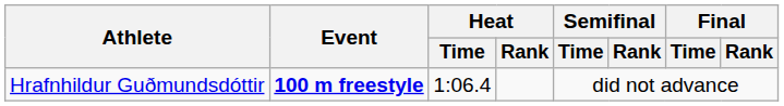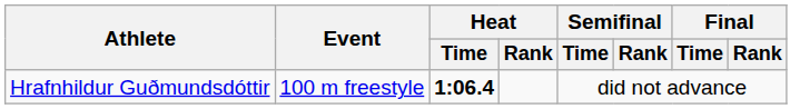 <table class=wikitable style="font-size:90%">
 <tr>
 <th rowspan=2>Athlete</th>
 <th rowspan=2>Event</th>
 <th colspan="2">Heat</th>
 <th colspan="2">Semifinal</th>
 <th colspan="2">Final</th>
 </tr>
 <tr style="font-size:95%">
 <th>Time</th>
 <th>Rank</th>
 <th>Time</th>
 <th>Rank</th>
 <th>Time</th>
 <th>Rank</th>
 </tr>
 <tr align=center>
 <td align=left><a href='#'>Hrafnhildur Guðmundsdóttir</a></td>
-<td align=left><strong><a href='#'>100 m freestyle</a></strong></td>
-<td>1:06.4</td>
+<td align=left><a href='#'>100 m freestyle</a></td>
+<td><strong>1:06.4</strong></td>
 <td></td>
 <td colspan=4>did not advance</td>
 </tr>
 </table>
